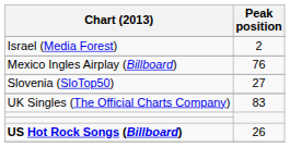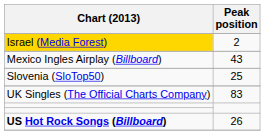 <table class="wikitable sortable">
 <tr>
 <th>Chart (2013)</th>
 <th>Peak<br>position</th>
 </tr>
 <tr>
 </tr>
 <tr>
 </tr>
 <tr>
 </tr>
 <tr>
 </tr>
 <tr>
 </tr>
 <tr>
 </tr>
 <tr>
 </tr>
 <tr>
 </tr>
 <tr>
-<td>Israel (<a href='#'>Media Forest</a>)</td>
+<td style="background: gold;">Israel (<a href='#'>Media Forest</a>)</td>
 <td align="center">2</td>
 </tr>
 <tr>
 </tr>
 <tr>
 <td>Mexico Ingles Airplay (<em><a href='#'>Billboard</a></em>)</td>
-<td style="text-align:center;">76</td>
+<td style="text-align:center;">43</td>
 </tr>
 <tr>
 </tr>
 <tr>
 <td scope="row">Slovenia (<a href='#'>SloTop50</a>)</td>
-<td align=center>27</td>
+<td align=center>25</td>
 </tr>
 <tr>
 </tr>
 <tr>
 <td>UK Singles (<a href='#'>The Official Charts Company</a>)</td>
 <td style="text-align:center;">83</td>
 </tr>
 <tr>
 <td></td>
 </tr>
 <tr>
 <td></td>
 </tr>
 <tr>
 <td><strong>US <a href='#'>Hot Rock Songs</a> (<em><a href='#'>Billboard</a></em>)</strong></td>
 <td style="text-align:center;">26</td>
 </tr>
 <tr>
 </tr>
 </table>
